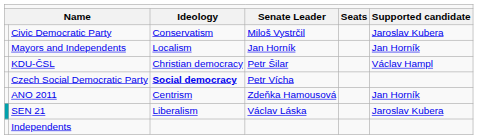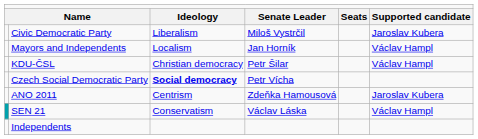 <table class="wikitable">
 <tr>
 <td colspan=6></td>
 </tr>
 <tr>
 <th colspan=2>Name</th>
 <th>Ideology</th>
 <th>Senate Leader</th>
 <th>Seats</th>
 <th>Supported candidate</th>
 </tr>
 <tr>
 <td style="background:"></td>
 <td><a href='#'>Civic Democratic Party</a></td>
-<td><a href='#'>Conservatism</a></td>
+<td><a href='#'>Liberalism</a></td>
 <td><a href='#'>Miloš Vystrčil</a></td>
 <td></td>
 <td><a href='#'>Jaroslav Kubera</a></td>
 </tr>
 <tr>
 <td style="background:"></td>
 <td><a href='#'>Mayors and Independents</a></td>
 <td><a href='#'>Localism</a></td>
 <td><a href='#'>Jan Horník</a></td>
 <td></td>
-<td><a href='#'>Jan Horník</a></td>
+<td><a href='#'>Václav Hampl</a></td>
 </tr>
 <tr>
 <td style="background:"></td>
 <td><a href='#'>KDU-ČSL</a></td>
 <td><a href='#'>Christian democracy</a></td>
 <td><a href='#'>Petr Šilar</a></td>
 <td></td>
 <td><a href='#'>Václav Hampl</a></td>
 </tr>
 <tr>
 <td style="background:"></td>
 <td><a href='#'>Czech Social Democratic Party</a></td>
 <td><strong><a href='#'>Social democracy</a></strong></td>
 <td><a href='#'>Petr Vícha</a></td>
 <td></td>
 <td></td>
 </tr>
 <tr>
 <td style="background:"></td>
 <td><a href='#'>ANO 2011</a></td>
 <td><a href='#'>Centrism</a></td>
 <td><a href='#'>Zdeňka Hamousová</a></td>
 <td></td>
-<td><a href='#'>Jan Horník</a></td>
+<td><a href='#'>Jaroslav Kubera</a></td>
 </tr>
 <tr>
 <td style="background:#00A2AD;"></td>
 <td><a href='#'>SEN 21</a></td>
-<td><a href='#'>Liberalism</a></td>
+<td><a href='#'>Conservatism</a></td>
 <td><a href='#'>Václav Láska</a></td>
 <td></td>
-<td><a href='#'>Jaroslav Kubera</a></td>
+<td><a href='#'>Václav Hampl</a></td>
 </tr>
 <tr>
 <td style="background:"></td>
 <td><a href='#'>Independents</a></td>
 <td></td>
 <td></td>
 <td></td>
 <td></td>
 </tr>
 </table>
